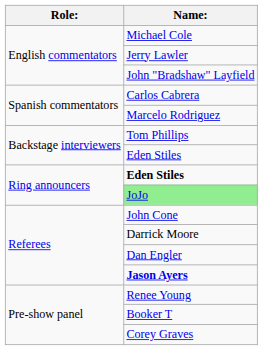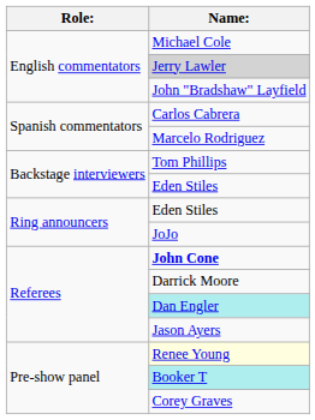 <table class=wikitable style="font-size:90%; margin: 0.5em 0 0.5em 1em; float: right; clear: right;">
 <tr>
 <th>Role:</th>
 <th>Name:</th>
 </tr>
 <tr>
 <td rowspan=3>English <a href='#'>commentators</a></td>
 <td><a href='#'>Michael Cole</a></td>
 </tr>
 <tr>
-<td><a href='#'>Jerry Lawler</a></td>
+<td style="background: lightgrey;"><a href='#'>Jerry Lawler</a></td>
 </tr>
 <tr>
 <td><a href='#'>John "Bradshaw" Layfield</a></td>
 </tr>
 <tr>
 <td rowspan=2>Spanish commentators</td>
 <td><a href='#'>Carlos Cabrera</a></td>
 </tr>
 <tr>
 <td><a href='#'>Marcelo Rodriguez</a></td>
 </tr>
 <tr>
 <td rowspan=2>Backstage <a href='#'>interviewers</a></td>
 <td><a href='#'>Tom Phillips</a></td>
 </tr>
 <tr>
 <td><a href='#'>Eden Stiles</a></td>
 </tr>
 <tr>
 <td rowspan=2><a href='#'>Ring announcers</a></td>
-<td><strong>Eden Stiles</strong></td>
+<td>Eden Stiles</td>
 </tr>
 <tr>
-<td style="background: lightgreen;"><a href='#'>JoJo</a></td>
+<td><a href='#'>JoJo</a></td>
 </tr>
 <tr>
 <td rowspan=4><a href='#'>Referees</a></td>
-<td><a href='#'>John Cone</a></td>
+<td><strong><a href='#'>John Cone</a></strong></td>
 </tr>
 <tr>
 <td>Darrick Moore</td>
 </tr>
 <tr>
-<td><a href='#'>Dan Engler</a></td>
+<td style="background: paleturquoise;"><a href='#'>Dan Engler</a></td>
 </tr>
 <tr>
-<td><strong><a href='#'>Jason Ayers</a></strong></td>
+<td><a href='#'>Jason Ayers</a></td>
 </tr>
 <tr>
 <td rowspan=3>Pre-show panel</td>
-<td><a href='#'>Renee Young</a></td>
+<td style="background: lightyellow;"><a href='#'>Renee Young</a></td>
 </tr>
 <tr>
-<td><a href='#'>Booker T</a></td>
+<td style="background: paleturquoise;"><a href='#'>Booker T</a></td>
 </tr>
 <tr>
 <td><a href='#'>Corey Graves</a></td>
 </tr>
 </table>
